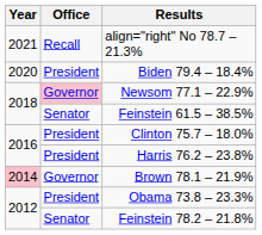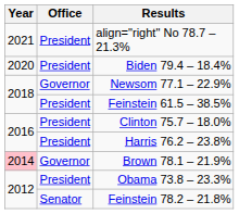 <table class=wikitable>
 <tr>
 <th width="30">Year</th>
 <th width="60">Office</th>
 <th width="180">Results</th>
 </tr>
 <tr>
 <td>2021</td>
-<td><a href='#'>Recall</a></td>
+<td><a href='#'>President</a></td>
 <td>align="right"  No 78.7 – 21.3%</td>
 </tr>
 <tr>
 <td>2020</td>
 <td><a href='#'>President</a></td>
 <td align="right" ><a href='#'>Biden</a> 79.4 – 18.4%</td>
 </tr>
 <tr>
 <td rowspan="2">2018</td>
-<td style="background: pink;"><a href='#'>Governor</a></td>
+<td><a href='#'>Governor</a></td>
 <td align="right" ><a href='#'>Newsom</a> 77.1 – 22.9%</td>
 </tr>
 <tr>
-<td><a href='#'>Senator</a></td>
+<td><a href='#'>President</a></td>
 <td align="right" ><a href='#'>Feinstein</a> 61.5 – 38.5%</td>
 </tr>
 <tr>
 <td rowspan="2">2016</td>
 <td><a href='#'>President</a></td>
 <td align="right" ><a href='#'>Clinton</a> 75.7 – 18.0%</td>
 </tr>
 <tr>
 <td><a href='#'>President</a></td>
 <td align="right" ><a href='#'>Harris</a> 76.2 – 23.8%</td>
 </tr>
 <tr>
 <td style="background: pink;">2014</td>
 <td><a href='#'>Governor</a></td>
 <td align="right" ><a href='#'>Brown</a> 78.1 – 21.9%</td>
 </tr>
 <tr>
 <td rowspan="2">2012</td>
 <td><a href='#'>President</a></td>
 <td align="right" ><a href='#'>Obama</a> 73.8 – 23.3%</td>
 </tr>
 <tr>
 <td><a href='#'>Senator</a></td>
 <td align="right" ><a href='#'>Feinstein</a> 78.2 – 21.8%</td>
 </tr>
 </table>
